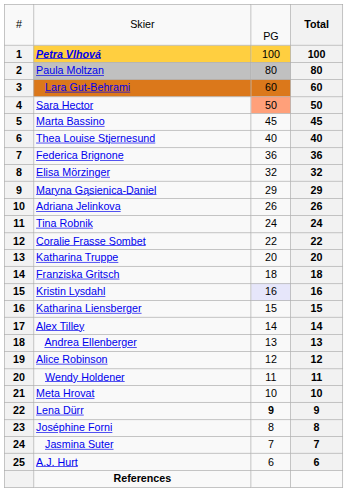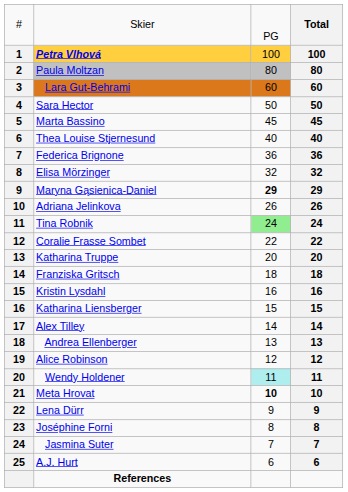 <table class="wikitable" width=40% style="font-size:100%; text-align:center;">
 <tr>
 <td>#</td>
 <td>Skier</td>
 <td><br> <br>PG</td>
 <th>Total</th>
 </tr>
 <tr>
 <th>1</th>
 <td align=left bgcolor=ffcf40> <strong><em><a href='#'>Petra Vlhová</a></em></strong></td>
 <td bgcolor=ffcf40>100</td>
 <th>100</th>
 </tr>
 <tr>
 <th>2</th>
 <td align=left bgcolor=c0c0c0> <a href='#'>Paula Moltzan</a></td>
 <td bgcolor=c0c0c0>80</td>
 <th>80</th>
 </tr>
 <tr>
 <th>3</th>
 <td align=left bgcolor=db781b>   <a href='#'>Lara Gut-Behrami</a></td>
 <td bgcolor=db781b>60</td>
 <th>60</th>
 </tr>
 <tr>
 <th>4</th>
 <td align=left> <a href='#'>Sara Hector</a></td>
-<td style="background: lightsalmon;">50</td>
+<td>50</td>
 <th>50</th>
 </tr>
 <tr>
 <th>5</th>
 <td align=left> <a href='#'>Marta Bassino</a></td>
 <td>45</td>
 <th>45</th>
 </tr>
 <tr>
 <th>6</th>
 <td align=left> <a href='#'>Thea Louise Stjernesund</a></td>
 <td>40</td>
 <th>40</th>
 </tr>
 <tr>
 <th>7</th>
 <td align=left> <a href='#'>Federica Brignone</a></td>
 <td>36</td>
 <th>36</th>
 </tr>
 <tr>
 <th>8</th>
 <td align=left> <a href='#'>Elisa Mörzinger</a></td>
 <td>32</td>
 <th>32</th>
 </tr>
 <tr>
 <th>9</th>
 <td align=left> <a href='#'>Maryna Gąsienica-Daniel</a></td>
-<td>29</td>
+<td><strong>29</strong></td>
 <th>29</th>
 </tr>
 <tr>
 <th>10</th>
 <td align=left> <a href='#'>Adriana Jelinkova</a></td>
 <td>26</td>
 <th>26</th>
 </tr>
 <tr>
 <th>11</th>
 <td align=left> <a href='#'>Tina Robnik</a></td>
-<td>24</td>
+<td style="background: lightgreen;">24</td>
 <th>24</th>
 </tr>
 <tr>
 <th>12</th>
 <td align=left> <a href='#'>Coralie Frasse Sombet</a></td>
 <td>22</td>
 <th>22</th>
 </tr>
 <tr>
 <th>13</th>
 <td align=left> <a href='#'>Katharina Truppe</a></td>
 <td>20</td>
 <th>20</th>
 </tr>
 <tr>
 <th>14</th>
 <td align=left> <a href='#'>Franziska Gritsch</a></td>
 <td>18</td>
 <th>18</th>
 </tr>
 <tr>
 <th>15</th>
 <td align=left> <a href='#'>Kristin Lysdahl</a></td>
-<td style="background: lavender;">16</td>
+<td>16</td>
 <th>16</th>
 </tr>
 <tr>
 <th>16</th>
 <td align=left> <a href='#'>Katharina Liensberger</a></td>
 <td>15</td>
 <th>15</th>
 </tr>
 <tr>
 <th>17</th>
 <td align=left> <a href='#'>Alex Tilley</a></td>
 <td>14</td>
 <th>14</th>
 </tr>
 <tr>
 <th>18</th>
 <td align=left>   <a href='#'>Andrea Ellenberger</a></td>
 <td>13</td>
 <th>13</th>
 </tr>
 <tr>
 <th>19</th>
 <td align=left> <a href='#'>Alice Robinson</a></td>
 <td>12</td>
 <th>12</th>
 </tr>
 <tr>
 <th>20</th>
 <td align=left>   <a href='#'>Wendy Holdener</a></td>
-<td>11</td>
+<td style="background: paleturquoise;">11</td>
 <th>11</th>
 </tr>
 <tr>
 <th>21</th>
 <td align=left> <a href='#'>Meta Hrovat</a></td>
-<td>10</td>
+<td><strong>10</strong></td>
 <th>10</th>
 </tr>
 <tr>
 <th>22</th>
 <td align=left> <a href='#'>Lena Dürr</a></td>
-<td><strong>9</strong></td>
+<td>9</td>
 <th>9</th>
 </tr>
 <tr>
 <th>23</th>
 <td align=left> <a href='#'>Joséphine Forni</a></td>
 <td>8</td>
 <th>8</th>
 </tr>
 <tr>
 <th>24</th>
 <td align=left>   <a href='#'>Jasmina Suter</a></td>
 <td>7</td>
 <th>7</th>
 </tr>
 <tr>
 <th>25</th>
 <td align=left> <a href='#'>A.J. Hurt</a></td>
 <td>6</td>
 <th>6</th>
 </tr>
 <tr>
 <th></th>
 <td align=center><strong>References</strong></td>
 <td></td>
 </tr>
 </table>
